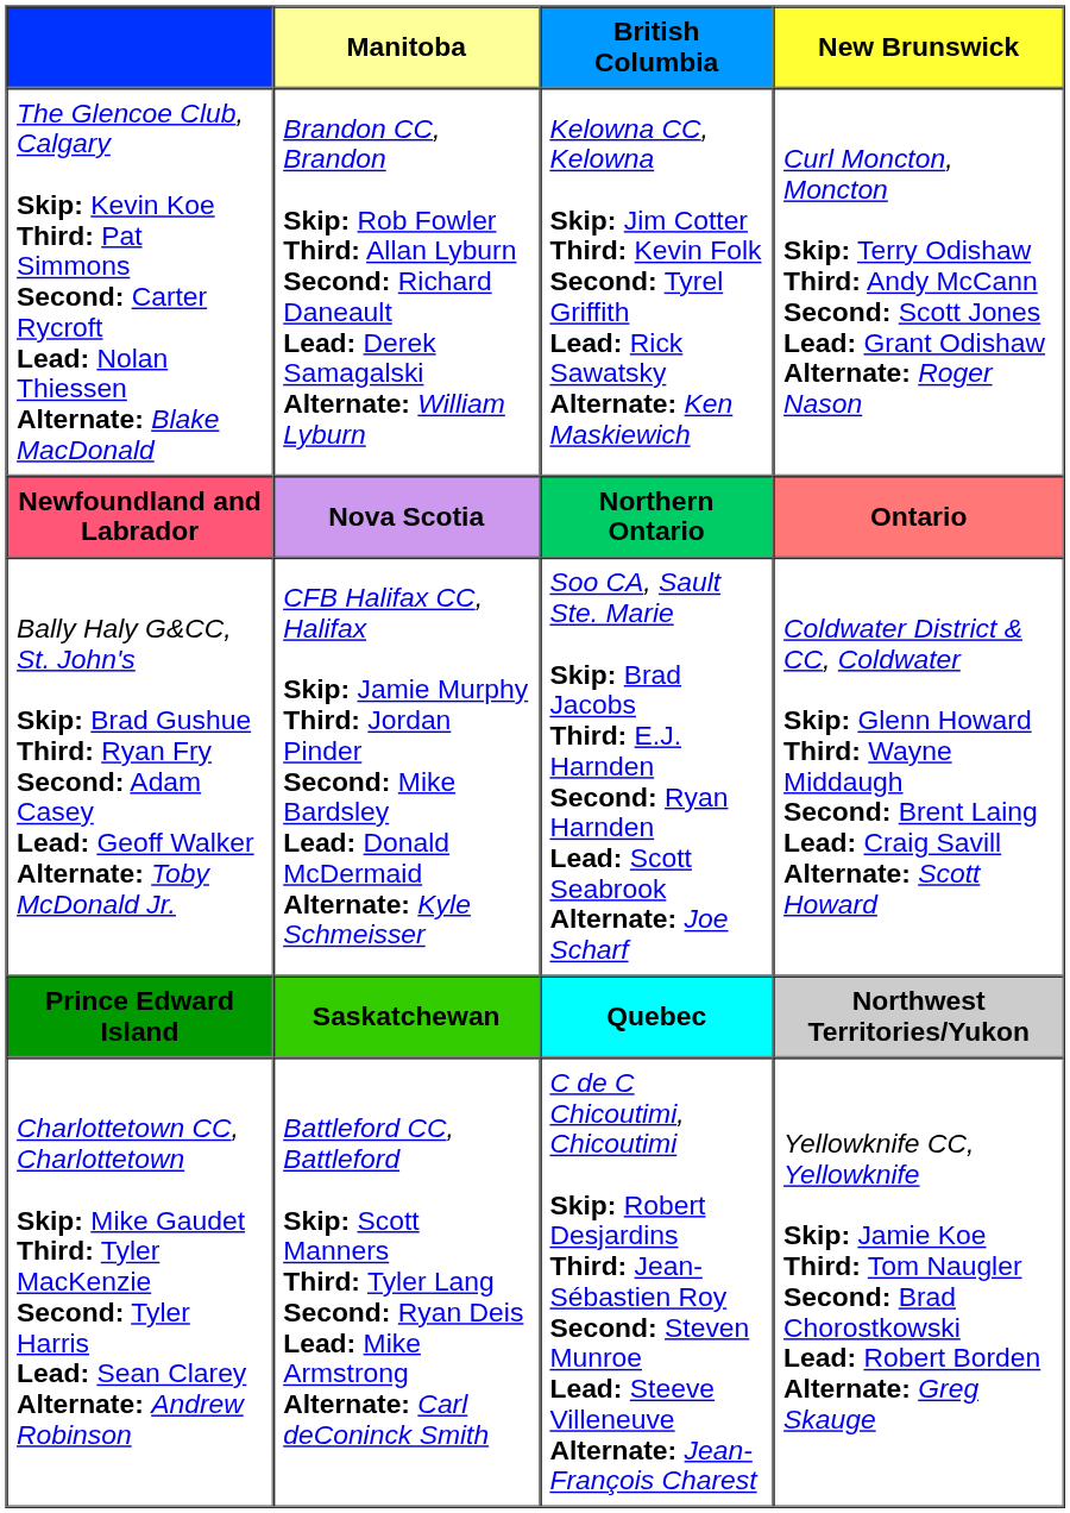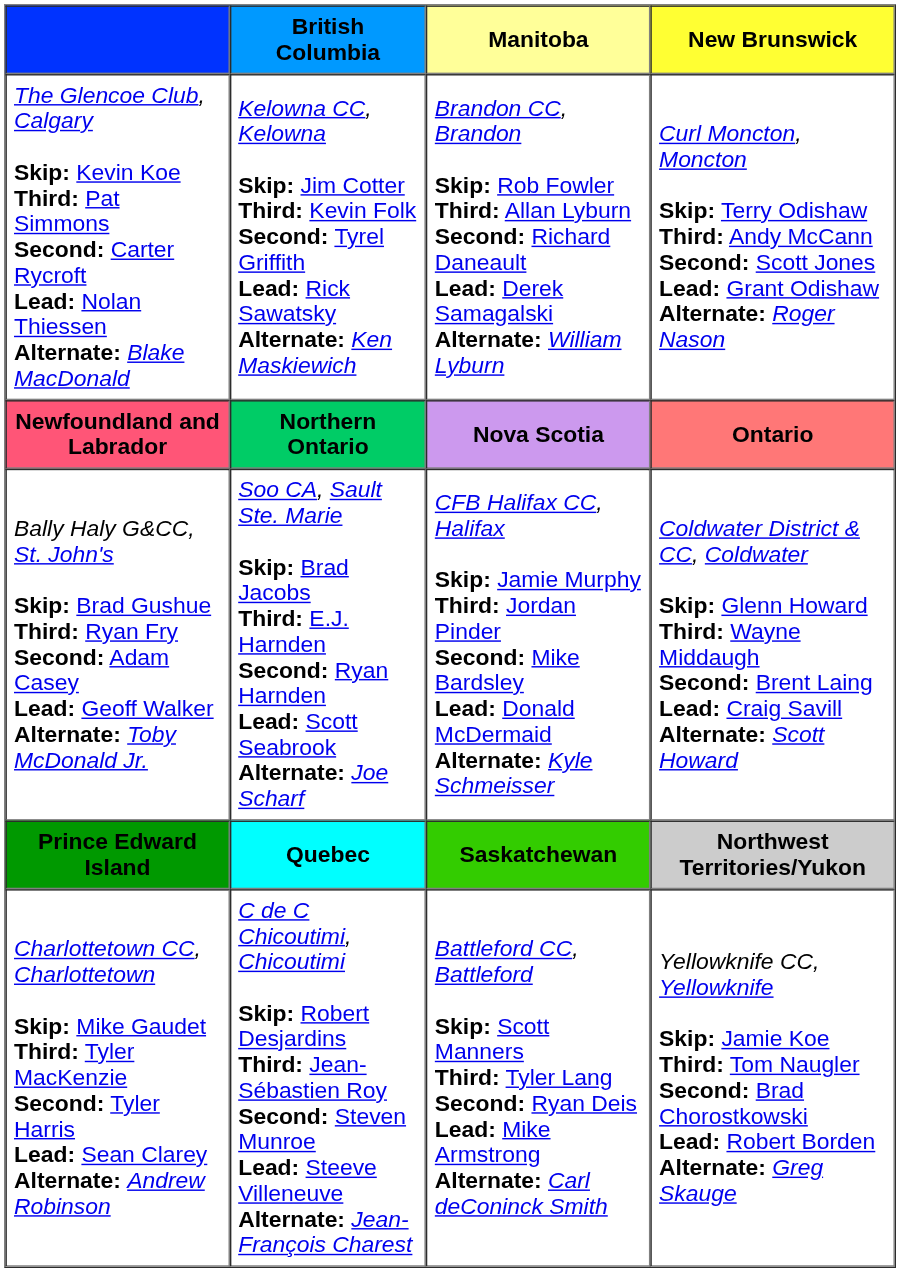 <table border=1 cellpadding=5 cellspacing=0>
 <tr>
 <th bgcolor="#0033ff" width="225"></th>
+<th bgcolor="#0099ff" width="225">British Columbia</th>
 <th bgcolor="#ffff99" width="225">Manitoba</th>
-<th bgcolor="#0099ff" width="225">British Columbia</th>
 <th bgcolor="#ffff33" width="225">New Brunswick</th>
 </tr>
 <tr align=center>
 <td align=left><em><a href='#'>The Glencoe Club</a>, <a href='#'>Calgary</a></em> <br><br><strong>Skip:</strong>  <a href='#'>Kevin Koe</a><br> <strong>Third:</strong>  <a href='#'>Pat Simmons</a><br> <strong>Second:</strong> <a href='#'>Carter Rycroft</a> <br> <strong>Lead:</strong> <a href='#'>Nolan Thiessen</a><br> <strong>Alternate:</strong> <em><a href='#'>Blake MacDonald</a></em></td>
+<td align=left><em><a href='#'>Kelowna CC</a>, <a href='#'>Kelowna</a></em><br><br><strong>Skip:</strong> <a href='#'>Jim Cotter</a><br> <strong>Third:</strong> <a href='#'>Kevin Folk</a> <br> <strong>Second:</strong> <a href='#'>Tyrel Griffith</a> <br> <strong>Lead:</strong> <a href='#'>Rick Sawatsky</a><br> <strong>Alternate:</strong> <em><a href='#'>Ken Maskiewich</a></em></td>
 <td align=left><em><a href='#'>Brandon CC</a>, <a href='#'>Brandon</a></em> <br><br><strong>Skip:</strong> <a href='#'>Rob Fowler</a> <br> <strong>Third:</strong> <a href='#'>Allan Lyburn</a> <br> <strong>Second:</strong> <a href='#'>Richard Daneault</a> <br> <strong>Lead:</strong> <a href='#'>Derek Samagalski</a> <br> <strong>Alternate:</strong> <em><a href='#'>William Lyburn</a></em></td>
-<td align=left><em><a href='#'>Kelowna CC</a>, <a href='#'>Kelowna</a></em><br><br><strong>Skip:</strong> <a href='#'>Jim Cotter</a><br> <strong>Third:</strong> <a href='#'>Kevin Folk</a> <br> <strong>Second:</strong> <a href='#'>Tyrel Griffith</a> <br> <strong>Lead:</strong> <a href='#'>Rick Sawatsky</a><br> <strong>Alternate:</strong> <em><a href='#'>Ken Maskiewich</a></em></td>
 <td align=left><em><a href='#'>Curl Moncton</a>, <a href='#'>Moncton</a></em><br><br><strong>Skip:</strong> <a href='#'>Terry Odishaw</a> <br> <strong>Third:</strong> <a href='#'>Andy McCann</a> <br> <strong>Second:</strong> <a href='#'>Scott Jones</a> <br> <strong>Lead:</strong> <a href='#'>Grant Odishaw</a> <br> <strong>Alternate:</strong> <em><a href='#'>Roger Nason</a></em></td>
 </tr>
 <tr border=1 cellpadding=5 cellspacing=0>
 <th bgcolor="#ff5577" width="200">Newfoundland and Labrador</th>
+<th bgcolor="#00CC66" width="200">Northern Ontario</th>
 <th bgcolor="#cc99ee" width="200">Nova Scotia</th>
-<th bgcolor="#00CC66" width="200">Northern Ontario</th>
 <th bgcolor="#ff7777" width="200">Ontario</th>
 </tr>
 <tr align=center>
 <td align=left><em>Bally Haly G&CC, <a href='#'>St. John's</a></em> <br><br><strong>Skip:</strong> <a href='#'>Brad Gushue</a> <br> <strong>Third:</strong> <a href='#'>Ryan Fry</a> <br> <strong>Second:</strong> <a href='#'>Adam Casey</a> <br> <strong>Lead:</strong>  <a href='#'>Geoff Walker</a> <br> <strong>Alternate:</strong> <em><a href='#'>Toby McDonald Jr.</a></em></td>
+<td align=left><em><a href='#'>Soo CA</a>,  <a href='#'>Sault Ste. Marie</a></em> <br><br><strong>Skip:</strong> <a href='#'>Brad Jacobs</a> <br> <strong>Third:</strong> <a href='#'>E.J. Harnden</a> <br> <strong>Second:</strong> <a href='#'>Ryan Harnden</a> <br> <strong>Lead:</strong> <a href='#'>Scott Seabrook</a> <br> <strong>Alternate:</strong> <em><a href='#'>Joe Scharf</a></em></td>
 <td align=left><em><a href='#'>CFB Halifax CC</a>, <a href='#'>Halifax</a></em> <br><br><strong>Skip:</strong>  <a href='#'>Jamie Murphy</a><br> <strong>Third:</strong> <a href='#'>Jordan Pinder</a><br> <strong>Second:</strong> <a href='#'>Mike Bardsley</a><br> <strong>Lead:</strong> <a href='#'>Donald McDermaid</a><br> <strong>Alternate:</strong> <em><a href='#'>Kyle Schmeisser</a></em></td>
-<td align=left><em><a href='#'>Soo CA</a>,  <a href='#'>Sault Ste. Marie</a></em> <br><br><strong>Skip:</strong> <a href='#'>Brad Jacobs</a> <br> <strong>Third:</strong> <a href='#'>E.J. Harnden</a> <br> <strong>Second:</strong> <a href='#'>Ryan Harnden</a> <br> <strong>Lead:</strong> <a href='#'>Scott Seabrook</a> <br> <strong>Alternate:</strong> <em><a href='#'>Joe Scharf</a></em></td>
 <td align=left><em><a href='#'>Coldwater District & CC</a>, <a href='#'>Coldwater</a></em> <br><br><strong>Skip:</strong> <a href='#'>Glenn Howard</a> <br> <strong>Third:</strong> <a href='#'>Wayne Middaugh</a> <br> <strong>Second:</strong> <a href='#'>Brent Laing</a> <br> <strong>Lead:</strong> <a href='#'>Craig Savill</a> <br> <strong>Alternate:</strong>  <em><a href='#'>Scott Howard</a></em></td>
 </tr>
 <tr border=1 cellpadding=5 cellspacing=0>
 <th bgcolor="#009900" width="200">Prince Edward Island</th>
+<th bgcolor="#00ffff" width="200">Quebec</th>
 <th bgcolor="#33cc00" width="200">Saskatchewan</th>
-<th bgcolor="#00ffff" width="200">Quebec</th>
 <th bgcolor="#cccccc" width="200">Northwest Territories/Yukon</th>
 </tr>
 <tr align=center>
 <td align=left><em><a href='#'>Charlottetown CC</a>, <a href='#'>Charlottetown</a><br></em><br><strong>Skip:</strong> <a href='#'>Mike Gaudet</a><br> <strong>Third:</strong> <a href='#'>Tyler MacKenzie</a><br> <strong>Second:</strong> <a href='#'>Tyler Harris</a><br> <strong>Lead:</strong> <a href='#'>Sean Clarey</a> <br> <strong>Alternate:</strong> <em><a href='#'>Andrew Robinson</a></em></td>
+<td align=left><em><a href='#'>C de C Chicoutimi</a>, <a href='#'>Chicoutimi</a><br></em><br><strong>Skip:</strong> <a href='#'>Robert Desjardins</a> <br> <strong>Third:</strong> <a href='#'>Jean-Sébastien Roy</a> <br> <strong>Second:</strong> <a href='#'>Steven Munroe</a> <br> <strong>Lead:</strong> <a href='#'>Steeve Villeneuve</a> <br> <strong>Alternate:</strong> <em><a href='#'>Jean-François Charest</a></em></td>
 <td align=left><em><a href='#'>Battleford CC</a>, <a href='#'>Battleford</a><br></em><br><strong>Skip:</strong>  <a href='#'>Scott Manners</a> <br> <strong>Third:</strong> <a href='#'>Tyler Lang</a> <br> <strong>Second:</strong> <a href='#'>Ryan Deis</a> <br> <strong>Lead:</strong> <a href='#'>Mike Armstrong</a> <br> <strong>Alternate:</strong>  <em><a href='#'>Carl deConinck Smith</a></em></td>
-<td align=left><em><a href='#'>C de C Chicoutimi</a>, <a href='#'>Chicoutimi</a><br></em><br><strong>Skip:</strong> <a href='#'>Robert Desjardins</a> <br> <strong>Third:</strong> <a href='#'>Jean-Sébastien Roy</a> <br> <strong>Second:</strong> <a href='#'>Steven Munroe</a> <br> <strong>Lead:</strong> <a href='#'>Steeve Villeneuve</a> <br> <strong>Alternate:</strong> <em><a href='#'>Jean-François Charest</a></em></td>
 <td align=left><em>Yellowknife CC, <a href='#'>Yellowknife</a><br></em><br><strong>Skip:</strong>  <a href='#'>Jamie Koe</a><br> <strong>Third:</strong> <a href='#'>Tom Naugler</a><br> <strong>Second:</strong> <a href='#'>Brad Chorostkowski</a><br> <strong>Lead:</strong> <a href='#'>Robert Borden</a><br> <strong>Alternate:</strong> <em><a href='#'>Greg Skauge</a></em></td>
 </tr>
 </table>
